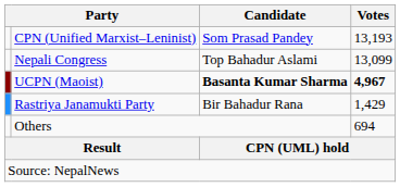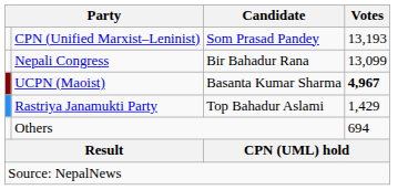 <table class="wikitable">
 <tr>
 <th colspan="2">Party</th>
 <th>Candidate</th>
 <th>Votes</th>
 </tr>
 <tr>
 <td style="background-color:"></td>
 <td><a href='#'>CPN (Unified Marxist–Leninist)</a></td>
 <td><a href='#'>Som Prasad Pandey</a></td>
 <td>13,193</td>
 </tr>
 <tr>
 <td style="background-color:"></td>
 <td><a href='#'>Nepali Congress</a></td>
-<td>Top Bahadur Aslami</td>
+<td>Bir Bahadur Rana</td>
 <td>13,099</td>
 </tr>
 <tr>
 <td style="background-color:darkred"></td>
 <td><a href='#'>UCPN (Maoist)</a></td>
-<td><strong>Basanta Kumar Sharma</strong></td>
+<td>Basanta Kumar Sharma</td>
 <td><strong>4,967</strong></td>
 </tr>
 <tr>
 <td style="background-color:dodgerblue"></td>
 <td><a href='#'>Rastriya Janamukti Party</a></td>
-<td>Bir Bahadur Rana</td>
+<td>Top Bahadur Aslami</td>
 <td>1,429</td>
 </tr>
 <tr>
 <td></td>
 <td colspan="2">Others</td>
 <td>694</td>
 </tr>
 <tr>
 <th colspan="2">Result</th>
 <th colspan="2">CPN (UML) hold</th>
 </tr>
 <tr>
 <td colspan="4">Source: NepalNews</td>
 </tr>
 </table>
